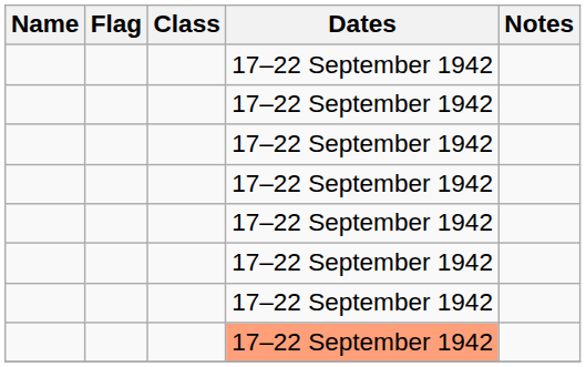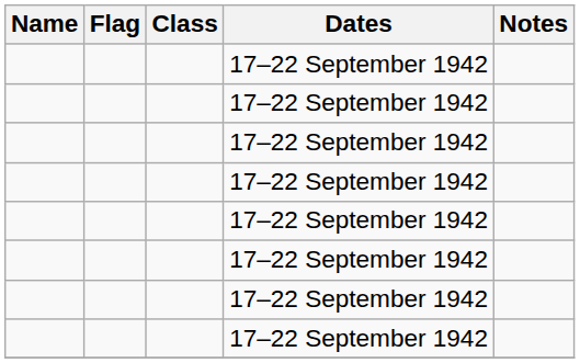 <table class="wikitable sortable">
 <tr>
 <th>Name</th>
 <th>Flag</th>
 <th>Class</th>
 <th>Dates</th>
 <th class="unsortable">Notes</th>
 </tr>
 <tr>
 <td></td>
 <td></td>
 <td></td>
 <td>17–22 September 1942</td>
 <td></td>
 </tr>
 <tr>
 <td></td>
 <td></td>
 <td></td>
 <td>17–22 September 1942</td>
 <td></td>
 </tr>
 <tr>
 <td></td>
 <td></td>
 <td></td>
 <td>17–22 September 1942</td>
 <td></td>
 </tr>
 <tr>
 <td></td>
 <td></td>
 <td></td>
 <td>17–22 September 1942</td>
 <td></td>
 </tr>
 <tr>
 <td></td>
 <td></td>
 <td></td>
 <td>17–22 September 1942</td>
 <td></td>
 </tr>
 <tr>
 <td></td>
 <td></td>
 <td></td>
 <td>17–22 September 1942</td>
 <td></td>
 </tr>
 <tr>
 <td></td>
 <td></td>
 <td></td>
 <td>17–22 September 1942</td>
 <td></td>
 </tr>
 <tr>
 <td></td>
 <td></td>
 <td></td>
-<td style="background: lightsalmon;">17–22 September 1942</td>
+<td>17–22 September 1942</td>
 <td></td>
 </tr>
 <tr>
 </tr>
 </table>
